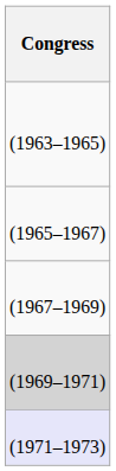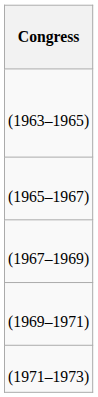 <table class="wikitable" style="float:left; margin:0; margin-right:-0.5px; margin-top:14px; text-align:center;">
 <tr style="white-space:nowrap; height:4.04em;">
 <th>Congress</th>
 </tr>
 <tr style="white-space:nowrap; height:5.64em;">
 <td><strong></strong><br>(1963–1965)</td>
 </tr>
 <tr style="white-space:nowrap; height:4.0em">
 <td><strong></strong><br>(1965–1967)</td>
 </tr>
 <tr style="white-space:nowrap; height:4.0em">
 <td><strong></strong><br>(1967–1969)</td>
 </tr>
 <tr style="white-space:nowrap; height:4.0em">
-<td style="background: lightgrey;"><strong></strong><br>(1969–1971)</td>
+<td><strong></strong><br>(1969–1971)</td>
 </tr>
 <tr style="white-space:nowrap; height:3em">
-<td style="background: lavender;"><strong></strong><br>(1971–1973)</td>
+<td><strong></strong><br>(1971–1973)</td>
 </tr>
 </table>
